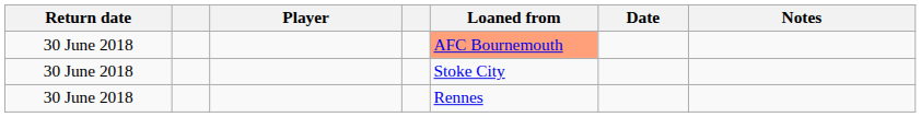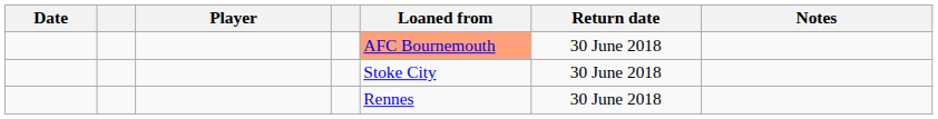 <table class="wikitable sortable">
 <tr>
-<th style="width:155px;" class="unsortable">Return date</th>
+<th style="width:80px;">Date</th>
 <th style="width:30px;"></th>
 <th style="width:180px;">Player</th>
 <th style="width:20px;"></th>
 <th style="width:155px;">Loaned from</th>
-<th style="width:80px;">Date</th>
+<th style="width:155px;" class="unsortable">Return date</th>
 <th style="width:215px;" class="unsortable">Notes</th>
 </tr>
 <tr>
-<td align=center>30 June 2018</td>
+<td></td>
 <td align=center></td>
 <td> </td>
 <td></td>
 <td style="background: lightsalmon;"> <a href='#'>AFC Bournemouth</a></td>
-<td></td>
+<td align=center>30 June 2018</td>
 <td align=center></td>
 </tr>
 <tr>
-<td align=center>30 June 2018</td>
+<td></td>
 <td align=center></td>
 <td> </td>
 <td></td>
 <td> <a href='#'>Stoke City</a></td>
-<td></td>
+<td align=center>30 June 2018</td>
 <td align=center></td>
 </tr>
 <tr>
-<td align=center>30 June 2018</td>
+<td></td>
 <td align=center></td>
 <td> </td>
 <td></td>
 <td> <a href='#'>Rennes</a></td>
-<td></td>
+<td align=center>30 June 2018</td>
 <td align=center></td>
 </tr>
 </table>
